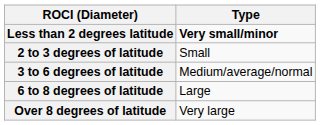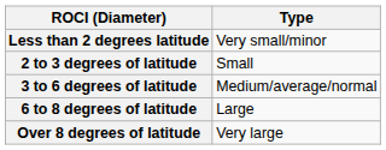 <table class="wikitable" style="float: right; font-size: 92%; margin: 1em 0 1em 1em;">
 <tr>
 <th scope="col">ROCI (Diameter)</th>
 <th scope="col">Type</th>
 </tr>
 <tr>
 <th scope="row">Less than 2 degrees latitude</th>
-<td><strong>Very small/minor</strong></td>
+<td>Very small/minor</td>
 </tr>
 <tr>
 <th scope="row">2 to 3 degrees of latitude</th>
 <td>Small</td>
 </tr>
 <tr>
 <th scope="row">3 to 6 degrees of latitude</th>
 <td>Medium/average/normal</td>
 </tr>
 <tr>
 <th scope="row">6 to 8 degrees of latitude</th>
 <td>Large</td>
 </tr>
 <tr>
 <th scope="row">Over 8 degrees of latitude</th>
 <td>Very large</td>
 </tr>
 </table>
